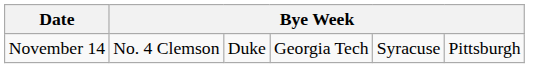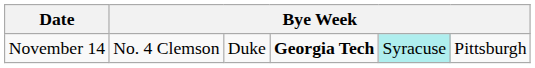 <table class="wikitable" style="font-size:95%;">
 <tr>
 <th>Date</th>
 <th colspan="5">Bye Week</th>
 </tr>
 <tr>
 <td>November 14</td>
 <td>No. 4 Clemson</td>
 <td>Duke</td>
-<td>Georgia Tech</td>
-<td>Syracuse</td>
+<td><strong>Georgia Tech</strong></td>
+<td style="background: paleturquoise;">Syracuse</td>
 <td>Pittsburgh</td>
 </tr>
 </table>
